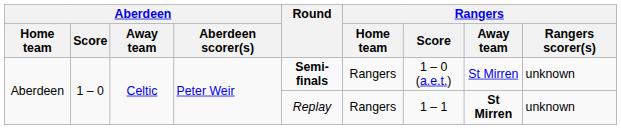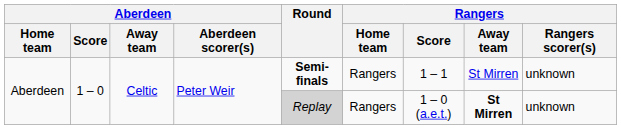 <table class="wikitable" style="width:90%; text-align:center;">
 <tr valign=top>
 <th colspan="4" style="width:45%;"><a href='#'>Aberdeen</a></th>
 <th rowspan="2"  style="width:10%;">Round</th>
 <th colspan="4" style="width:45%;"><a href='#'>Rangers</a></th>
 </tr>
 <tr>
 <th>Home team</th>
 <th>Score</th>
 <th>Away team</th>
 <th>Aberdeen scorer(s)</th>
 <th>Home team</th>
 <th>Score</th>
 <th>Away team</th>
 <th>Rangers scorer(s)</th>
 </tr>
 <tr>
 <td rowspan=2>Aberdeen</td>
 <td rowspan=2>1 – 0</td>
 <td rowspan=2><a href='#'>Celtic</a></td>
 <td rowspan="2" style="text-align:left;"><a href='#'>Peter Weir</a> </td>
 <td><strong>Semi-finals</strong></td>
 <td>Rangers</td>
-<td>1 – 0 (<a href='#'>a.e.t.</a>)</td>
+<td>1 – 1</td>
 <td><a href='#'>St Mirren</a></td>
 <td align=left>unknown</td>
 </tr>
 <tr>
-<td><em>Replay</em></td>
+<td style="background: lightgrey;"><em>Replay</em></td>
 <td>Rangers</td>
-<td>1 – 1</td>
+<td>1 – 0 (<a href='#'>a.e.t.</a>)</td>
 <td><strong>St Mirren</strong></td>
 <td align=left>unknown</td>
 </tr>
 </table>
